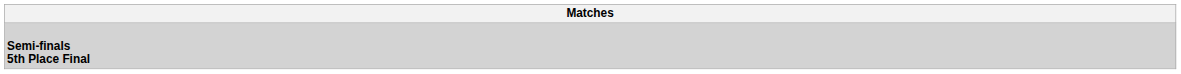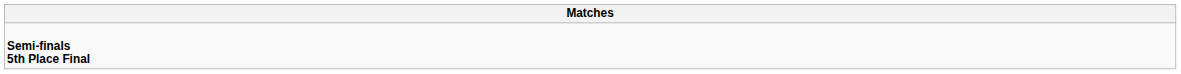 <table class="wikitable collapsible collapsed" style="width:100%;">
 <tr>
 <th>Matches</th>
 </tr>
 <tr>
-<td style="background: lightgrey;"><br><strong>Semi-finals</strong>  <br><strong>5th Place Final</strong> </td>
+<td><br><strong>Semi-finals</strong>  <br><strong>5th Place Final</strong> </td>
 </tr>
 </table>
